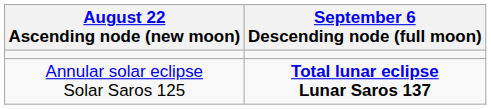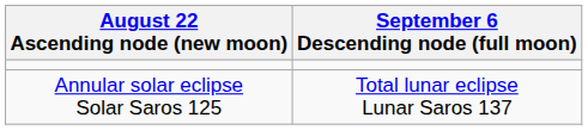 <table class="wikitable">
 <tr>
 <th><a href='#'>August 22</a><br>Ascending node (new moon)<br></th>
 <th><a href='#'>September 6</a><br>Descending node (full moon)<br></th>
 </tr>
 <tr>
 <td></td>
 <td></td>
 </tr>
 <tr align=center>
 <td><a href='#'>Annular solar eclipse</a><br>Solar Saros 125</td>
-<td><strong><a href='#'>Total lunar eclipse</a><br>Lunar Saros 137</strong></td>
+<td><a href='#'>Total lunar eclipse</a><br>Lunar Saros 137</td>
 </tr>
 </table>
